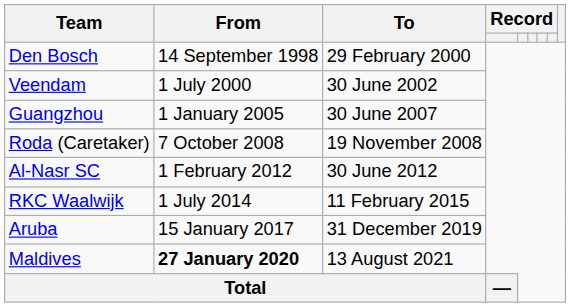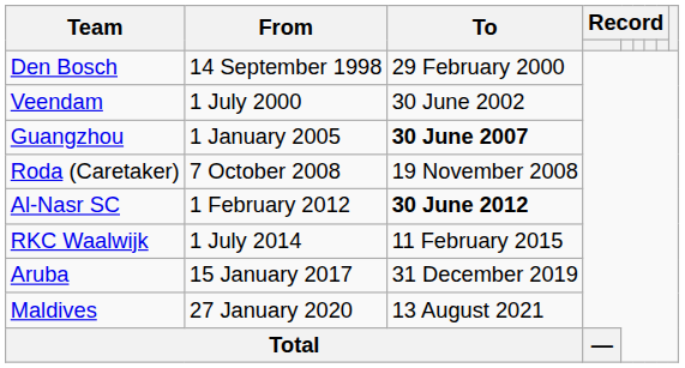 <table class=wikitable style=text-align:center>
 <tr>
 <th rowspan=2>Team</th>
 <th rowspan=2>From</th>
 <th rowspan=2>To</th>
 <th colspan=5>Record</th>
 <th rowspan=2></th>
 </tr>
 <tr>
 <th></th>
 <th></th>
 <th></th>
 <th></th>
 <th></th>
 </tr>
 <tr>
 <td align=left><a href='#'>Den Bosch</a></td>
 <td align=left>14 September 1998</td>
 <td align=left>29 February 2000<br></td>
 </tr>
 <tr>
 <td align=left><a href='#'>Veendam</a></td>
 <td align=left>1 July 2000</td>
 <td align=left>30 June 2002<br></td>
 </tr>
 <tr>
 <td align=left><a href='#'>Guangzhou</a></td>
 <td align=left>1 January 2005</td>
-<td align=left>30 June 2007<br></td>
+<td align=left><strong>30 June 2007<br></strong></td>
 </tr>
 <tr>
 <td align=left><a href='#'>Roda</a> (Caretaker)</td>
 <td align=left>7 October 2008</td>
 <td align=left>19 November 2008<br></td>
 </tr>
 <tr>
 <td align=left><a href='#'>Al-Nasr SC</a></td>
 <td align=left>1 February 2012</td>
-<td align=left>30 June 2012<br></td>
+<td align=left><strong>30 June 2012<br></strong></td>
 </tr>
 <tr>
 <td align=left><a href='#'>RKC Waalwijk</a></td>
 <td align=left>1 July 2014</td>
 <td align=left>11 February 2015<br></td>
 </tr>
 <tr>
 <td align=left><a href='#'>Aruba</a></td>
 <td align=left>15 January 2017</td>
 <td align=left>31 December 2019<br></td>
 </tr>
 <tr>
 <td align=left><a href='#'>Maldives</a></td>
-<td align=left><strong>27 January 2020</strong></td>
+<td align=left>27 January 2020</td>
 <td align=left>13 August 2021<br></td>
 </tr>
 <tr>
 <th colspan=3>Total<br></th>
 <th>—</th>
 </tr>
 </table>
